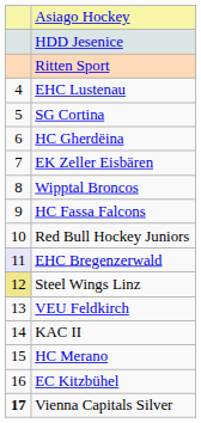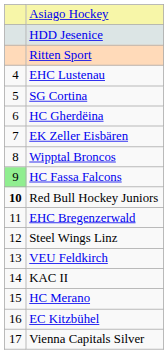 <table class="wikitable" style="width:200px;">
 <tr style="background:#F7F6A8;">
 <td align=center style="width:20px;"></td>
 <td><a href='#'>Asiago Hockey</a></td>
 </tr>
 <tr style="background:#DCE5E5;">
 <td align=center></td>
 <td><a href='#'>HDD Jesenice</a></td>
 </tr>
 <tr style="background:#FFDAB9;">
 <td align=center></td>
 <td><a href='#'>Ritten Sport</a></td>
 </tr>
 <tr>
 <td align=center>4</td>
 <td><a href='#'>EHC Lustenau</a></td>
 </tr>
 <tr>
 <td align=center>5</td>
 <td><a href='#'>SG Cortina</a></td>
 </tr>
 <tr>
 <td align=center>6</td>
 <td><a href='#'>HC Gherdëina</a></td>
 </tr>
 <tr>
 <td align=center>7</td>
 <td><a href='#'>EK Zeller Eisbären</a></td>
 </tr>
 <tr>
 <td align=center>8</td>
 <td><a href='#'>Wipptal Broncos</a></td>
 </tr>
 <tr>
-<td align=center>9</td>
+<td align=center style="background: lightgreen;">9</td>
 <td><a href='#'>HC Fassa Falcons</a></td>
 </tr>
 <tr>
-<td align=center>10</td>
+<td align=center><strong>10</strong></td>
 <td>Red Bull Hockey Juniors</td>
 </tr>
 <tr>
-<td align=center style="background: lavender;">11</td>
+<td align=center>11</td>
 <td><a href='#'>EHC Bregenzerwald</a></td>
 </tr>
 <tr>
-<td align=center style="background: khaki;">12</td>
+<td align=center>12</td>
 <td>Steel Wings Linz</td>
 </tr>
 <tr>
 <td align=center>13</td>
 <td><a href='#'>VEU Feldkirch</a></td>
 </tr>
 <tr>
 <td align=center>14</td>
 <td>KAC II</td>
 </tr>
 <tr>
 <td align=center>15</td>
 <td><a href='#'>HC Merano</a></td>
 </tr>
 <tr>
 <td align=center>16</td>
 <td><a href='#'>EC Kitzbühel</a></td>
 </tr>
 <tr>
-<td align=center><strong>17</strong></td>
+<td align=center>17</td>
 <td>Vienna Capitals Silver</td>
 </tr>
 </table>
